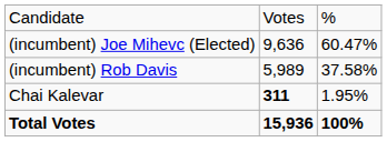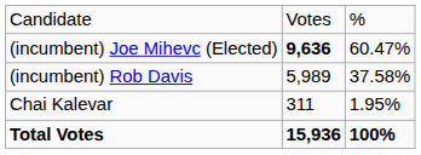 <table class="wikitable">
 <tr>
 <td>Candidate</td>
 <td>Votes</td>
 <td>%</td>
 </tr>
 <tr>
 <td>(incumbent) <a href='#'>Joe Mihevc</a> (Elected)</td>
-<td>9,636</td>
+<td><strong>9,636</strong></td>
 <td>60.47%</td>
 </tr>
 <tr>
 <td>(incumbent) <a href='#'>Rob Davis</a></td>
 <td>5,989</td>
 <td>37.58%</td>
 </tr>
 <tr>
 <td>Chai Kalevar</td>
-<td><strong>311</strong></td>
+<td>311</td>
 <td>1.95%</td>
 </tr>
 <tr>
 <td><strong>Total Votes</strong></td>
 <td><strong>15,936</strong></td>
 <td><strong>100%</strong></td>
 </tr>
 </table>
